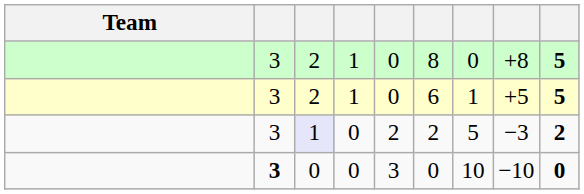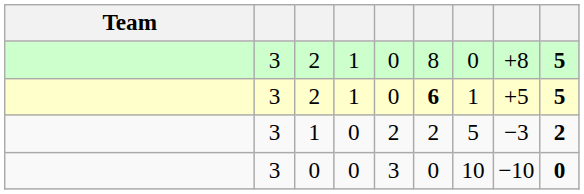 <table class="wikitable" style="text-align:center">
 <tr>
 <th width=165>Team</th>
 <th width=20></th>
 <th width=20></th>
 <th width=20></th>
 <th width=20></th>
 <th width=20></th>
 <th width=20></th>
 <th width=20></th>
 <th width=20></th>
 </tr>
 <tr bgcolor="#ccffcc">
 <td align="left"></td>
 <td>3</td>
 <td>2</td>
 <td>1</td>
 <td>0</td>
 <td>8</td>
 <td>0</td>
 <td>+8</td>
 <td><strong>5</strong></td>
 </tr>
 <tr bgcolor="#ffffcc">
 <td align="left"></td>
 <td>3</td>
 <td>2</td>
 <td>1</td>
 <td>0</td>
-<td>6</td>
+<td><strong>6</strong></td>
 <td>1</td>
 <td>+5</td>
 <td><strong>5</strong></td>
 </tr>
 <tr>
 <td align="left"></td>
 <td>3</td>
-<td style="background: lavender;">1</td>
+<td>1</td>
 <td>0</td>
 <td>2</td>
 <td>2</td>
 <td>5</td>
 <td>−3</td>
 <td><strong>2</strong></td>
 </tr>
 <tr>
 <td align="left"></td>
-<td><strong>3</strong></td>
+<td>3</td>
 <td>0</td>
 <td>0</td>
 <td>3</td>
 <td>0</td>
 <td>10</td>
 <td>−10</td>
 <td><strong>0</strong></td>
 </tr>
 </table>
